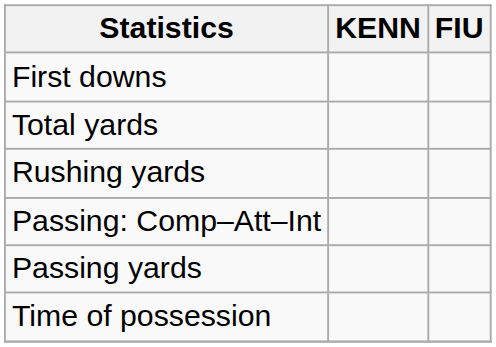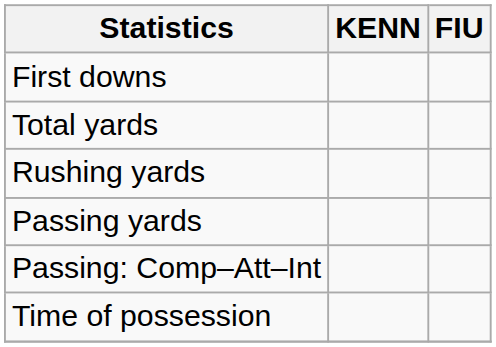 <table class="wikitable" style="float: left;">
 <tr>
 <th>Statistics</th>
 <th>KENN</th>
 <th>FIU</th>
 </tr>
 <tr>
 <td>First downs</td>
 <td></td>
 <td></td>
 </tr>
 <tr>
 <td>Total yards</td>
 <td></td>
 <td></td>
 </tr>
 <tr>
 <td>Rushing yards</td>
 <td></td>
 <td></td>
 </tr>
 <tr>
-<td>Passing: Comp–Att–Int</td>
+<td>Passing yards</td>
 <td></td>
 <td></td>
 </tr>
 <tr>
-<td>Passing yards</td>
+<td>Passing: Comp–Att–Int</td>
 <td></td>
 <td></td>
 </tr>
 <tr>
 <td>Time of possession</td>
 <td></td>
 <td></td>
 </tr>
 <tr>
 </tr>
 </table>
